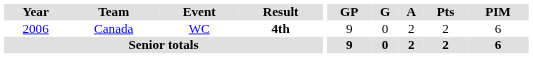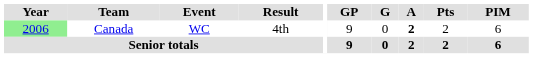 <table border="0" cellpadding="1" cellspacing="0" ID="Table3" style="text-align:center; width:40em">
 <tr ALIGN="center" bgcolor="#e0e0e0">
 <th>Year</th>
 <th>Team</th>
 <th>Event</th>
 <th>Result</th>
 <th rowspan="99" bgcolor="#ffffff"></th>
 <th>GP</th>
 <th>G</th>
 <th>A</th>
 <th>Pts</th>
 <th>PIM</th>
 </tr>
 <tr ALIGN="center">
-<td><a href='#'>2006</a></td>
+<td style="background: lightgreen;"><a href='#'>2006</a></td>
 <td><a href='#'>Canada</a></td>
 <td><a href='#'>WC</a></td>
-<td><strong>4th</strong></td>
+<td>4th</td>
 <td>9</td>
 <td>0</td>
-<td>2</td>
+<td><strong>2</strong></td>
 <td>2</td>
 <td>6</td>
 </tr>
 <tr bgcolor="#e0e0e0">
 <th colspan="4">Senior totals</th>
 <th>9</th>
 <th>0</th>
 <th>2</th>
 <th>2</th>
 <th>6</th>
 </tr>
 </table>
